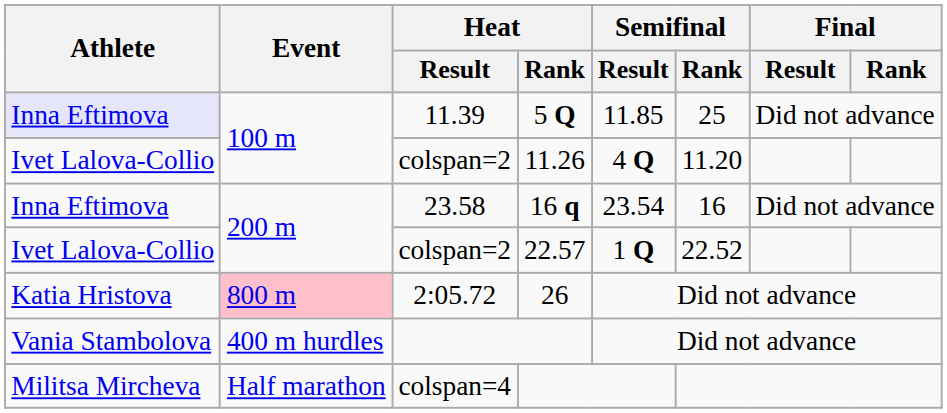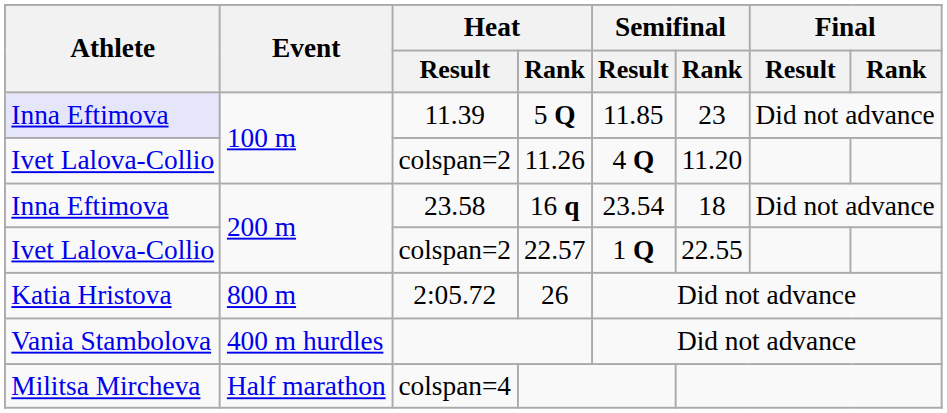 <table class="wikitable" style="font-size:90%">
 <tr>
 <th rowspan=2>Athlete</th>
 <th rowspan=2>Event</th>
 <th colspan=2>Heat</th>
 <th colspan=2>Semifinal</th>
 <th colspan=2>Final</th>
 </tr>
 <tr style="font-size:95%">
 <th>Result</th>
 <th>Rank</th>
 <th>Result</th>
 <th>Rank</th>
 <th>Result</th>
 <th>Rank</th>
 </tr>
 <tr align=center>
 <td align=left style="background: lavender;"><a href='#'>Inna Eftimova</a></td>
 <td style="text-align:left;" rowspan=2><a href='#'>100 m</a></td>
 <td>11.39</td>
 <td>5 <strong>Q</strong></td>
 <td>11.85</td>
-<td>25</td>
+<td>23</td>
 <td colspan=2>Did not advance</td>
 </tr>
 <tr align=center>
 <td align=left><a href='#'>Ivet Lalova-Collio</a></td>
 <td>colspan=2 </td>
 <td>11.26</td>
 <td>4 <strong>Q</strong></td>
 <td>11.20</td>
 <td></td>
 </tr>
 <tr align=center>
 <td align=left><a href='#'>Inna Eftimova</a></td>
 <td style="text-align:left;" rowspan=2><a href='#'>200 m</a></td>
 <td>23.58</td>
 <td>16 <strong>q</strong></td>
 <td>23.54</td>
-<td>16</td>
+<td>18</td>
 <td colspan=2>Did not advance</td>
 </tr>
 <tr align=center>
 <td align=left><a href='#'>Ivet Lalova-Collio</a></td>
 <td>colspan=2 </td>
 <td>22.57 <strong></strong></td>
 <td>1 <strong>Q</strong></td>
-<td>22.52 <strong></strong></td>
+<td>22.55 <strong></strong></td>
 <td></td>
 </tr>
 <tr align=center>
 <td align=left><a href='#'>Katia Hristova</a></td>
-<td style="background: pink; text-align:left;"><a href='#'>800 m</a></td>
+<td style="text-align:left;"><a href='#'>800 m</a></td>
 <td>2:05.72</td>
 <td>26</td>
 <td colspan=4>Did not advance</td>
 </tr>
 <tr align=center>
 <td align=left><a href='#'>Vania Stambolova</a></td>
 <td style="text-align:left;"><a href='#'>400 m hurdles</a></td>
 <td colspan=2></td>
 <td colspan=4>Did not advance</td>
 </tr>
 <tr align=center>
 <td align=left><a href='#'>Militsa Mircheva</a></td>
 <td style="text-align:left;"><a href='#'>Half marathon</a></td>
 <td>colspan=4 </td>
 <td colspan=2></td>
 </tr>
 </table>
